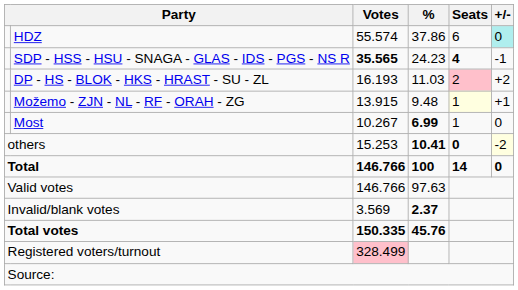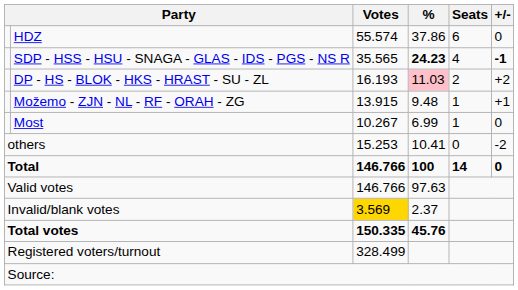 <table class="wikitable" style="text-align: left;">
 <tr>
 <th colspan="2">Party</th>
 <th>Votes</th>
 <th>%</th>
 <th>Seats</th>
 <th>+/-</th>
 </tr>
 <tr>
 <td style="background-color: "></td>
 <td><a href='#'>HDZ</a></td>
 <td>55.574</td>
 <td>37.86</td>
 <td>6</td>
-<td style="background: paleturquoise;">0</td>
+<td>0</td>
 </tr>
 <tr>
 <td style="background-color: "></td>
 <td><a href='#'>SDP</a> - <a href='#'>HSS</a> - <a href='#'>HSU</a> - SNAGA - <a href='#'>GLAS</a> - <a href='#'>IDS</a> - <a href='#'>PGS</a> - <a href='#'>NS R</a></td>
-<td><strong>35.565</strong></td>
-<td>24.23</td>
-<td><strong>4</strong></td>
-<td>-1</td>
+<td>35.565</td>
+<td><strong>24.23</strong></td>
+<td>4</td>
+<td><strong>-1</strong></td>
 </tr>
 <tr>
 <td style="background-color: "></td>
 <td><a href='#'>DP</a> - <a href='#'>HS</a> - <a href='#'>BLOK</a> - <a href='#'>HKS</a> - <a href='#'>HRAST</a> - SU - ZL</td>
 <td>16.193</td>
-<td>11.03</td>
-<td style="background: pink;">2</td>
+<td style="background: pink;">11.03</td>
+<td>2</td>
 <td>+2</td>
 </tr>
 <tr>
 <td style="background-color: "></td>
 <td><a href='#'>Možemo</a> - <a href='#'>ZJN</a> - <a href='#'>NL</a> - <a href='#'>RF</a> - <a href='#'>ORAH</a> - ZG</td>
 <td>13.915</td>
 <td>9.48</td>
-<td style="background: lightyellow;">1</td>
+<td>1</td>
 <td>+1</td>
 </tr>
 <tr>
 <td style="background-color: "></td>
 <td><a href='#'>Most</a></td>
 <td>10.267</td>
-<td><strong>6.99</strong></td>
+<td>6.99</td>
 <td>1</td>
 <td>0</td>
 </tr>
 <tr>
 <td colspan="2">others</td>
 <td>15.253</td>
-<td><strong>10.41</strong></td>
-<td><strong>0</strong></td>
-<td style="background: lightyellow;">-2</td>
+<td>10.41</td>
+<td>0</td>
+<td>-2</td>
 </tr>
 <tr>
 <td colspan="2"><strong>Total</strong></td>
 <td><strong>146.766</strong></td>
 <td><strong>100</strong></td>
 <td><strong>14</strong></td>
 <td><strong>0</strong></td>
 </tr>
 <tr>
 <td colspan="2">Valid votes</td>
 <td>146.766</td>
 <td>97.63</td>
 <td colspan="2"></td>
 </tr>
 <tr>
 <td colspan="2">Invalid/blank votes</td>
-<td>3.569</td>
-<td><strong>2.37</strong></td>
+<td style="background: gold;">3.569</td>
+<td>2.37</td>
 <td colspan="2"></td>
 </tr>
 <tr>
 <td colspan="2"><strong>Total votes</strong></td>
 <td><strong>150.335</strong></td>
 <td><strong>45.76</strong></td>
 <td colspan="2"></td>
 </tr>
 <tr>
 <td colspan="2">Registered voters/turnout</td>
-<td votes14="5343" style="background: pink;">328.499</td>
+<td votes14="5343">328.499</td>
 <td></td>
 <td colspan="2"></td>
 </tr>
 <tr>
 <td colspan="6">Source: </td>
 </tr>
 </table>
